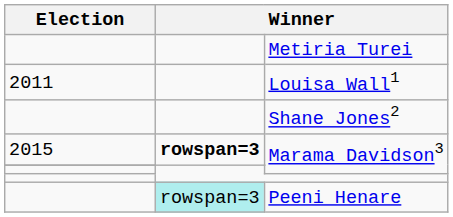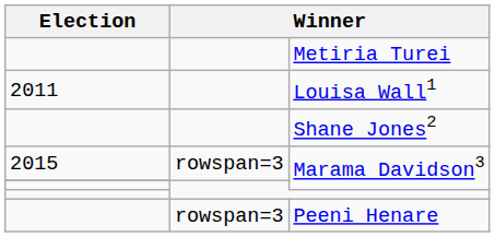 <table class=wikitable>
 <tr>
 <th width=100>Election</th>
 <th colspan=2 width=175>Winner</th>
 </tr>
 <tr>
 <td></td>
 <td></td>
 <td><a href='#'>Metiria Turei</a></td>
 </tr>
 <tr>
 <td>2011</td>
 <td></td>
 <td><a href='#'>Louisa Wall</a><sup>1</sup></td>
 </tr>
 <tr>
 <td></td>
 <td></td>
 <td><a href='#'>Shane Jones</a><sup>2</sup></td>
 </tr>
 <tr>
 <td>2015</td>
-<td><strong>rowspan=3 </strong></td>
+<td>rowspan=3 </td>
 <td rowspan=3><a href='#'>Marama Davidson</a><sup>3</sup></td>
 </tr>
 <tr>
 </tr>
 <tr>
 <td></td>
 </tr>
 <tr>
 <td></td>
 </tr>
 <tr>
 <td></td>
-<td style="background: paleturquoise;">rowspan=3 </td>
+<td>rowspan=3 </td>
 <td rowspan=3><a href='#'>Peeni Henare</a></td>
 </tr>
 </table>
